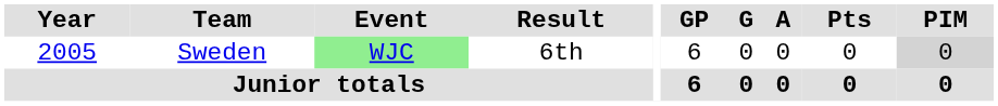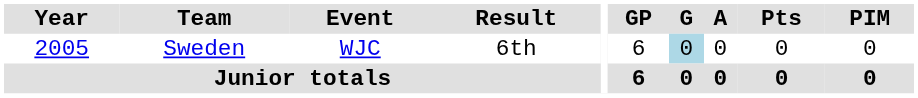 <table border="0" cellpadding="1" cellspacing="0" ID="Table3" style="text-align:center; width:40em">
 <tr ALIGN="center" bgcolor="#e0e0e0">
 <th>Year</th>
 <th>Team</th>
 <th>Event</th>
 <th>Result</th>
 <th rowspan="99" bgcolor="#ffffff"></th>
 <th>GP</th>
 <th>G</th>
 <th>A</th>
 <th>Pts</th>
 <th>PIM</th>
 </tr>
 <tr>
 <td><a href='#'>2005</a></td>
 <td><a href='#'>Sweden</a></td>
-<td style="background: lightgreen;"><a href='#'>WJC</a></td>
+<td><a href='#'>WJC</a></td>
 <td>6th</td>
 <td>6</td>
+<td style="background: lightblue;">0</td>
 <td>0</td>
 <td>0</td>
 <td>0</td>
-<td style="background: lightgrey;">0</td>
 </tr>
 <tr bgcolor="#e0e0e0">
 <th colspan="4">Junior totals</th>
 <th>6</th>
 <th>0</th>
 <th>0</th>
 <th>0</th>
 <th>0</th>
 </tr>
 </table>
